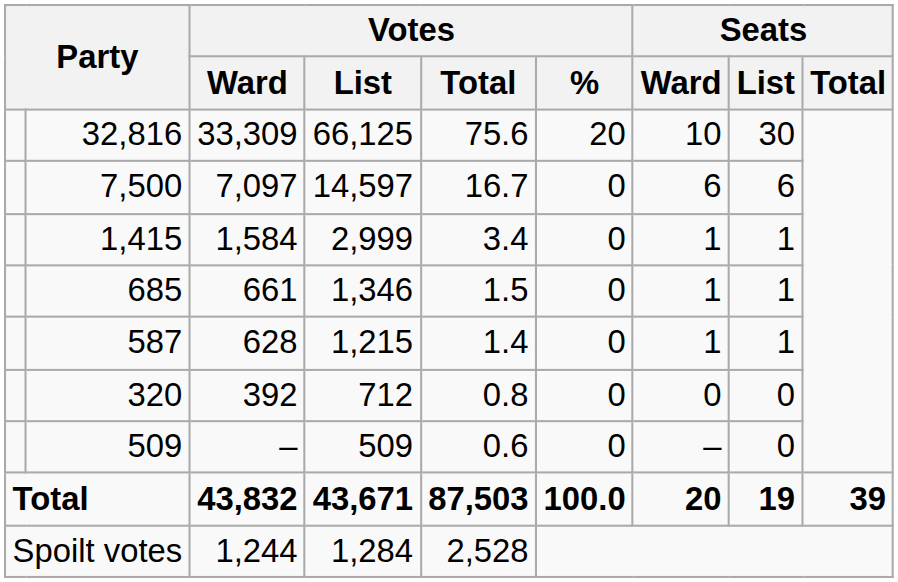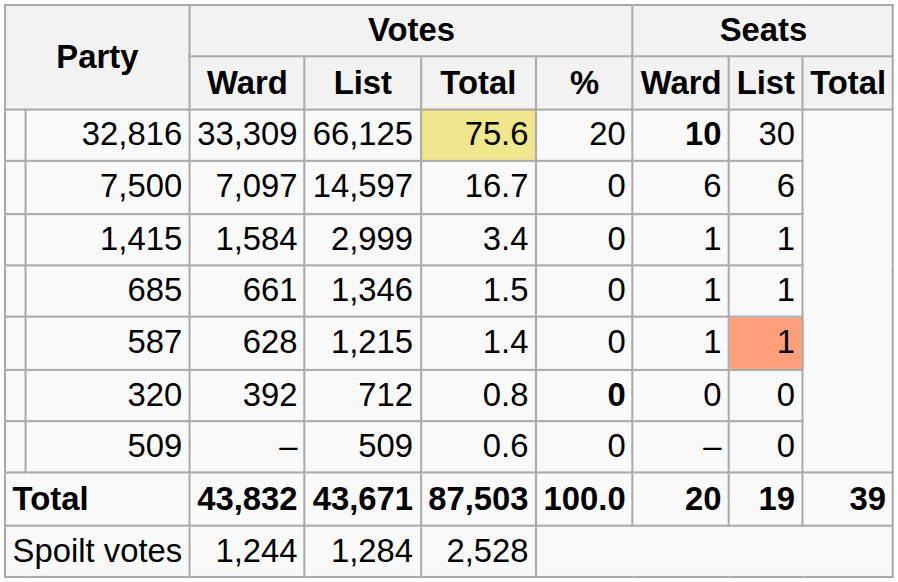 <table class=wikitable style="text-align:right">
 <tr>
 <th rowspan="2" colspan="2">Party</th>
 <th colspan="4" align="center">Votes</th>
 <th colspan="3" align="center">Seats</th>
 </tr>
 <tr>
 <th>Ward</th>
 <th>List</th>
 <th>Total</th>
 <th>%</th>
 <th>Ward</th>
 <th>List</th>
 <th>Total</th>
 </tr>
 <tr>
 <td></td>
 <td>32,816</td>
 <td>33,309</td>
 <td>66,125</td>
-<td>75.6</td>
+<td style="background: khaki;">75.6</td>
 <td>20</td>
-<td>10</td>
+<td><strong>10</strong></td>
 <td>30</td>
 </tr>
 <tr>
 <td></td>
 <td>7,500</td>
 <td>7,097</td>
 <td>14,597</td>
 <td>16.7</td>
 <td>0</td>
 <td>6</td>
 <td>6</td>
 </tr>
 <tr>
 <td></td>
 <td>1,415</td>
 <td>1,584</td>
 <td>2,999</td>
 <td>3.4</td>
 <td>0</td>
 <td>1</td>
 <td>1</td>
 </tr>
 <tr>
 <td></td>
 <td>685</td>
 <td>661</td>
 <td>1,346</td>
 <td>1.5</td>
 <td>0</td>
 <td>1</td>
 <td>1</td>
 </tr>
 <tr>
 <td></td>
 <td>587</td>
 <td>628</td>
 <td>1,215</td>
 <td>1.4</td>
 <td>0</td>
 <td>1</td>
-<td>1</td>
+<td style="background: lightsalmon;">1</td>
 </tr>
 <tr>
 <td></td>
 <td>320</td>
 <td>392</td>
 <td>712</td>
 <td>0.8</td>
-<td>0</td>
+<td><strong>0</strong></td>
 <td>0</td>
 <td>0</td>
 </tr>
 <tr>
 <td></td>
 <td>509</td>
 <td>–</td>
 <td>509</td>
 <td>0.6</td>
 <td>0</td>
 <td>–</td>
 <td>0</td>
 </tr>
 <tr>
 <td colspan="2" style="text-align:left"><strong>Total</strong></td>
 <td><strong>43,832</strong></td>
 <td><strong>43,671</strong></td>
 <td><strong>87,503</strong></td>
 <td><strong>100.0</strong></td>
 <td><strong>20</strong></td>
 <td><strong>19</strong></td>
 <td><strong>39</strong></td>
 </tr>
 <tr>
 <td colspan="2" style="text-align:left">Spoilt votes</td>
 <td>1,244</td>
 <td>1,284</td>
 <td>2,528</td>
 </tr>
 </table>
